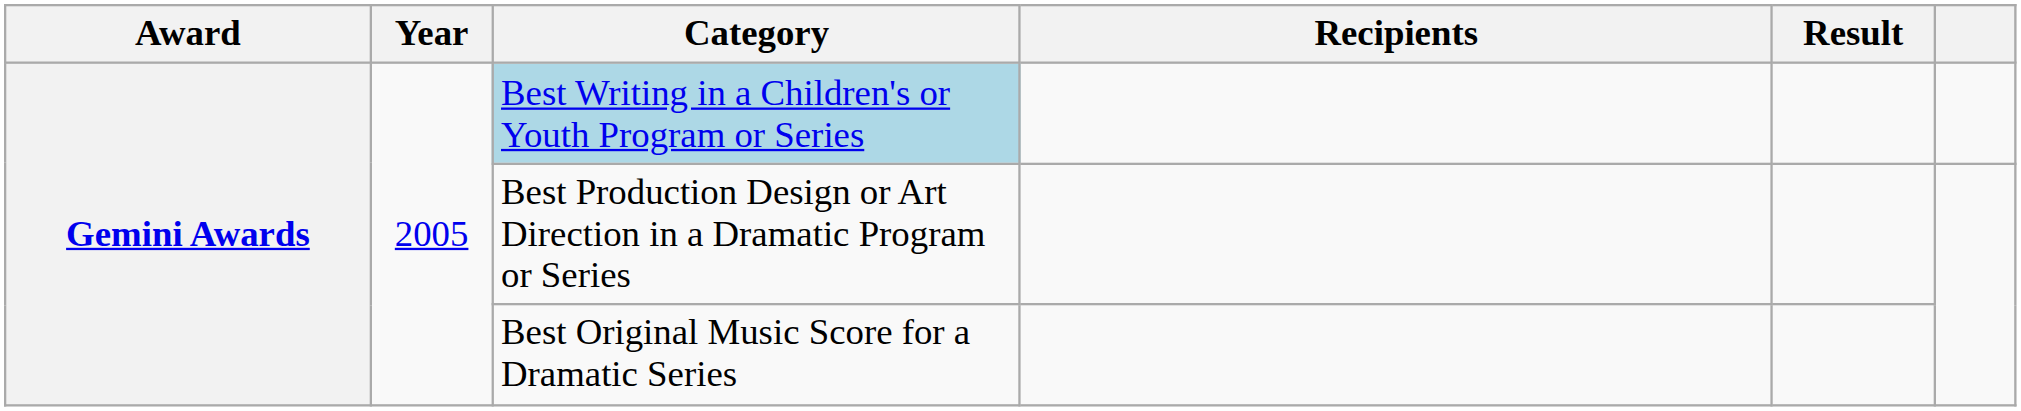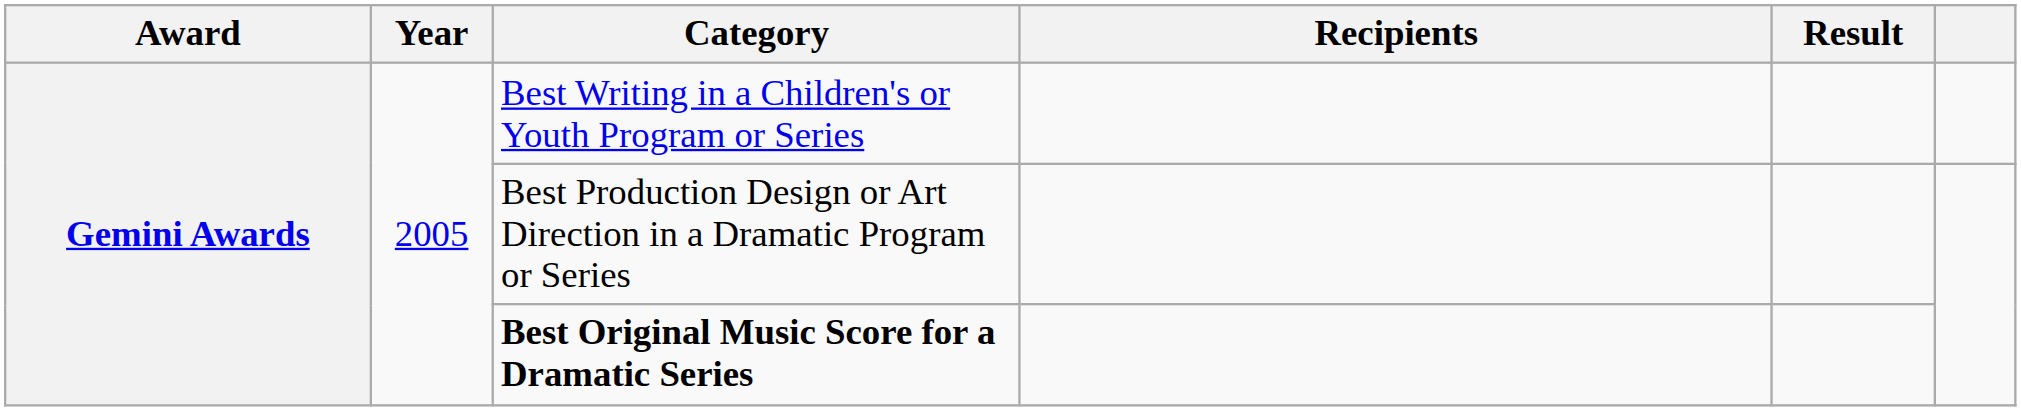 <table class="wikitable sortable plainrowheaders" style="width:99%;">
 <tr>
 <th scope="col" style="width:18%;">Award</th>
 <th scope="col" style="width:6%;">Year</th>
 <th scope="col" style="width:26%;">Category</th>
 <th scope="col" style="width:37%;">Recipients</th>
 <th scope="col" style="width:8%;">Result</th>
 <th scope="col" style="width:4%;" class="unsortable"></th>
 </tr>
 <tr>
 <th scope="row" rowspan="6"><a href='#'>Gemini Awards</a></th>
 <td rowspan="3" style="text-align:center;"><a href='#'>2005</a></td>
-<td style="background: lightblue;"><a href='#'>Best Writing in a Children's or Youth Program or Series</a></td>
+<td><a href='#'>Best Writing in a Children's or Youth Program or Series</a></td>
 <td></td>
 <td></td>
 <td style="text-align:center;"></td>
 </tr>
 <tr>
 <td>Best Production Design or Art Direction in a Dramatic Program or Series</td>
 <td></td>
 <td></td>
 </tr>
 <tr>
-<td>Best Original Music Score for a Dramatic Series</td>
+<td><strong>Best Original Music Score for a Dramatic Series</strong></td>
 <td></td>
 <td></td>
 </tr>
 </table>
